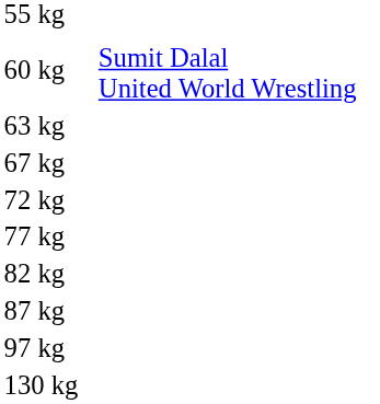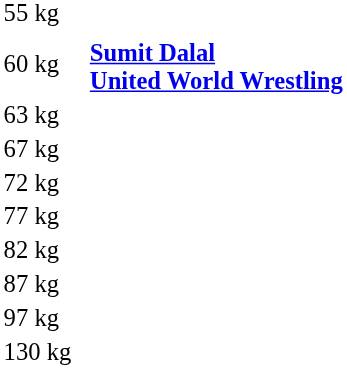 <table>
 <tr>
 <td rowspan=2>55 kg<br></td>
 <td rowspan=2></td>
 <td rowspan=2></td>
 <td></td>
 </tr>
 <tr>
 <td></td>
 </tr>
 <tr>
 <td rowspan=2>60 kg<br></td>
 <td rowspan=2></td>
 <td rowspan=2></td>
 <td></td>
 </tr>
 <tr>
-<td><a href='#'>Sumit Dalal</a><br><a href='#'>United World Wrestling</a></td>
+<td><strong><a href='#'>Sumit Dalal</a><br><a href='#'>United World Wrestling</a></strong></td>
 </tr>
 <tr>
 <td rowspan=2>63 kg<br></td>
 <td rowspan=2></td>
 <td rowspan=2></td>
 <td></td>
 </tr>
 <tr>
 <td></td>
 </tr>
 <tr>
 <td rowspan=2>67 kg<br></td>
 <td rowspan=2></td>
 <td rowspan=2></td>
 <td></td>
 </tr>
 <tr>
 <td></td>
 </tr>
 <tr>
 <td rowspan=2>72 kg<br></td>
 <td rowspan=2></td>
 <td rowspan=2></td>
 <td></td>
 </tr>
 <tr>
 <td></td>
 </tr>
 <tr>
 <td rowspan=2>77 kg<br></td>
 <td rowspan=2></td>
 <td rowspan=2></td>
 <td></td>
 </tr>
 <tr>
 <td></td>
 </tr>
 <tr>
 <td rowspan=2>82 kg<br></td>
 <td rowspan=2></td>
 <td rowspan=2></td>
 <td></td>
 </tr>
 <tr>
 <td></td>
 </tr>
 <tr>
 <td rowspan=2>87 kg<br></td>
 <td rowspan=2></td>
 <td rowspan=2></td>
 <td></td>
 </tr>
 <tr>
 <td></td>
 </tr>
 <tr>
 <td rowspan=2>97 kg<br></td>
 <td rowspan=2></td>
 <td rowspan=2></td>
 <td></td>
 </tr>
 <tr>
 <td></td>
 </tr>
 <tr>
 <td rowspan=2>130 kg<br></td>
 <td rowspan=2></td>
 <td rowspan=2></td>
 <td></td>
 </tr>
 <tr>
 <td></td>
 </tr>
 </table>
